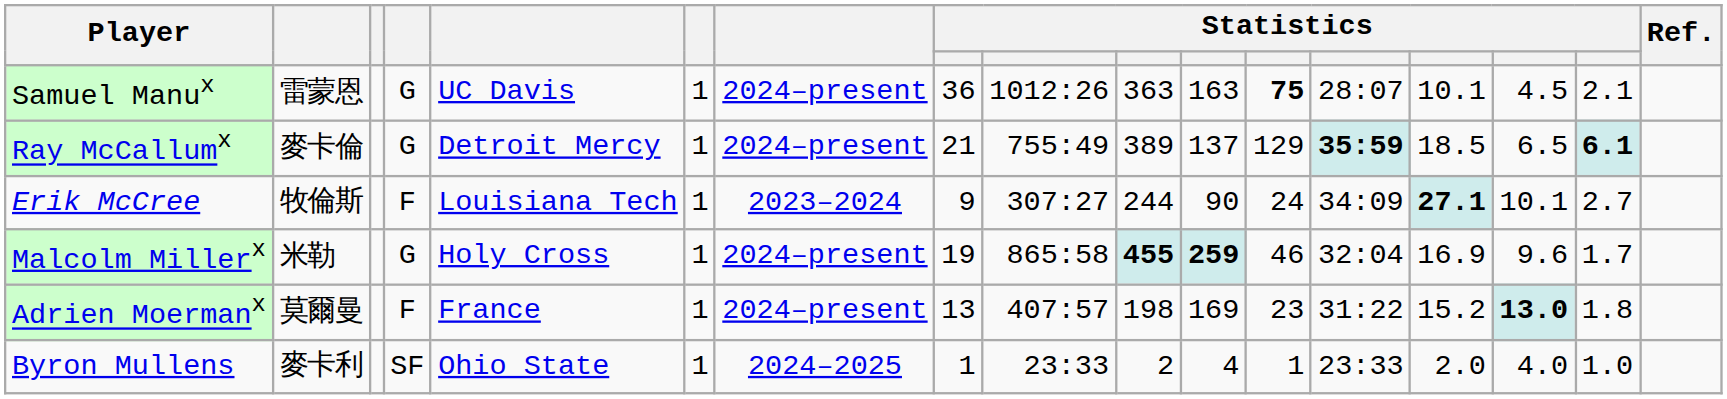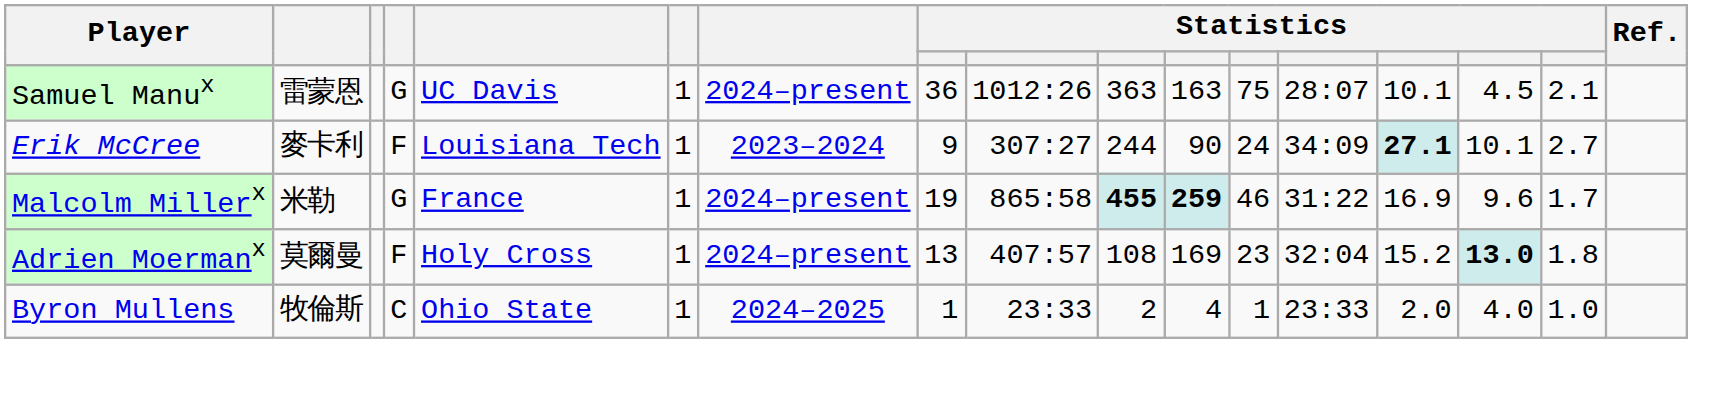 <table class="wikitable sortable" style="font-size:95%; text-align:right;">
 <tr>
 <th rowspan="2">Player</th>
 <th rowspan="2"></th>
 <th rowspan="2"></th>
 <th rowspan="2"></th>
 <th rowspan="2"></th>
 <th rowspan="2"></th>
 <th rowspan="2"></th>
 <th colspan="9">Statistics</th>
 <th rowspan="2">Ref.</th>
 </tr>
 <tr>
 <th></th>
 <th></th>
 <th></th>
 <th></th>
 <th></th>
 <th></th>
 <th></th>
 <th></th>
 <th></th>
 </tr>
 <tr>
 <td align="left" bgcolor="#CCFFCC">Samuel Manu<sup>x</sup></td>
 <td align="left">雷蒙恩</td>
 <td align="center"></td>
 <td align="center">G</td>
 <td align="left"><a href='#'>UC Davis</a></td>
 <td align="center">1</td>
 <td align="center"><a href='#'>2024–present</a></td>
 <td>36</td>
 <td>1012:26</td>
 <td>363</td>
 <td>163</td>
-<td><strong>75</strong></td>
+<td>75</td>
 <td>28:07</td>
 <td>10.1</td>
 <td>4.5</td>
 <td>2.1</td>
 <td align="center"></td>
 </tr>
 <tr>
-<td align="left" bgcolor="#CCFFCC"><a href='#'>Ray McCallum</a><sup>x</sup></td>
-<td align="left">麥卡倫</td>
-<td align="center"></td>
-<td align="center">G</td>
-<td align="left"><a href='#'>Detroit Mercy</a></td>
-<td align="center">1</td>
-<td align="center"><a href='#'>2024–present</a></td>
-<td>21</td>
-<td>755:49</td>
-<td>389</td>
-<td>137</td>
-<td>129</td>
-<td bgcolor="#CFECEC"><strong>35:59</strong></td>
-<td>18.5</td>
-<td>6.5</td>
-<td bgcolor="#CFECEC"><strong>6.1</strong></td>
-<td align="center"></td>
-</tr>
-<tr>
 <td align="left"><em><a href='#'>Erik McCree</a></em></td>
-<td align="left">牧倫斯</td>
+<td align="left">麥卡利</td>
 <td align="center"></td>
 <td align="center">F</td>
 <td align="left"><a href='#'>Louisiana Tech</a></td>
 <td align="center">1</td>
 <td align="center"><a href='#'>2023–2024</a></td>
 <td>9</td>
 <td>307:27</td>
 <td>244</td>
 <td>90</td>
 <td>24</td>
 <td>34:09</td>
 <td bgcolor="#CFECEC"><strong>27.1</strong></td>
 <td>10.1</td>
 <td>2.7</td>
 <td align="center"></td>
 </tr>
 <tr>
 <td align="left" bgcolor="#CCFFCC"><a href='#'>Malcolm Miller</a><sup>x</sup></td>
 <td align="left">米勒</td>
 <td align="center"></td>
 <td align="center">G</td>
-<td align="left"><a href='#'>Holy Cross</a></td>
+<td align="left"><a href='#'>France</a></td>
 <td align="center">1</td>
 <td align="center"><a href='#'>2024–present</a></td>
 <td>19</td>
 <td>865:58</td>
 <td bgcolor="#CFECEC"><strong>455</strong></td>
 <td bgcolor="#CFECEC"><strong>259</strong></td>
 <td>46</td>
-<td>32:04</td>
+<td>31:22</td>
 <td>16.9</td>
 <td>9.6</td>
 <td>1.7</td>
 <td align="center"></td>
 </tr>
 <tr>
 <td align="left" bgcolor="#CCFFCC"><a href='#'>Adrien Moerman</a><sup>x</sup></td>
 <td align="left">莫爾曼</td>
 <td align="center"></td>
 <td align="center">F</td>
-<td align="left"><a href='#'>France</a></td>
+<td align="left"><a href='#'>Holy Cross</a></td>
 <td align="center">1</td>
 <td align="center"><a href='#'>2024–present</a></td>
 <td>13</td>
 <td>407:57</td>
-<td>198</td>
+<td>108</td>
 <td>169</td>
 <td>23</td>
-<td>31:22</td>
+<td>32:04</td>
 <td>15.2</td>
 <td bgcolor="#CFECEC"><strong>13.0</strong></td>
 <td>1.8</td>
 <td align="center"></td>
 </tr>
 <tr>
 <td align="left"><a href='#'>Byron Mullens</a></td>
-<td align="left">麥卡利</td>
+<td align="left">牧倫斯</td>
 <td align="center"></td>
-<td align="center">SF</td>
+<td align="center">C</td>
 <td align="left"><a href='#'>Ohio State</a></td>
 <td align="center">1</td>
 <td align="center"><a href='#'>2024–2025</a></td>
 <td>1</td>
 <td>23:33</td>
 <td>2</td>
 <td>4</td>
 <td>1</td>
 <td>23:33</td>
 <td>2.0</td>
 <td>4.0</td>
 <td>1.0</td>
 <td align="center"></td>
 </tr>
 </table>
